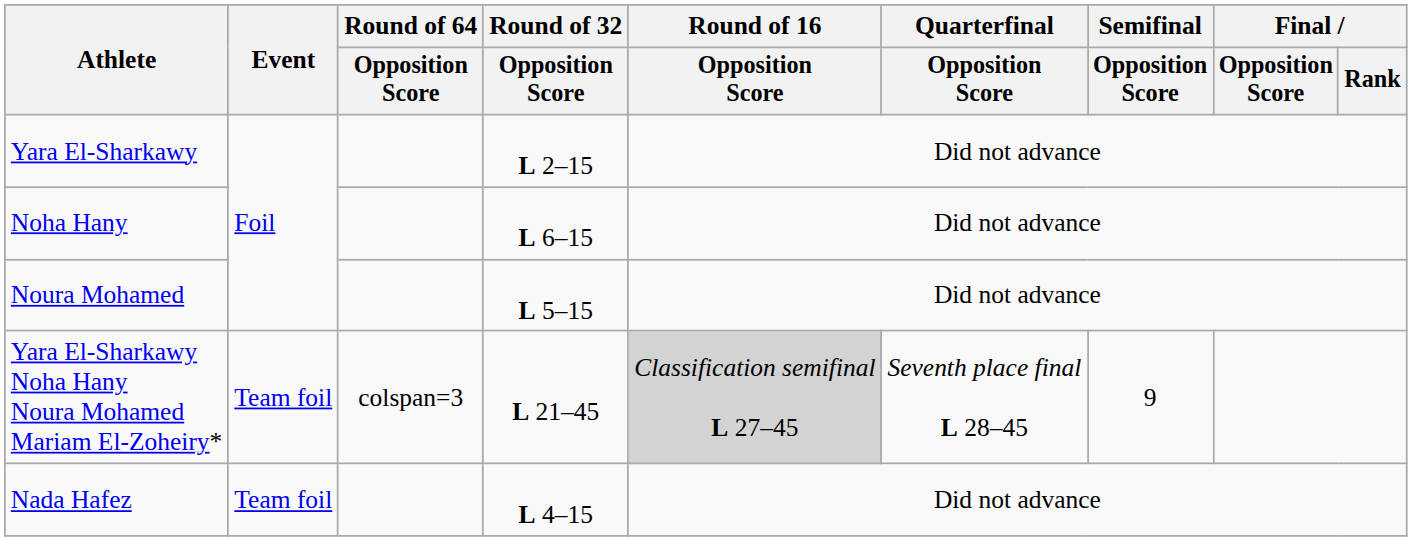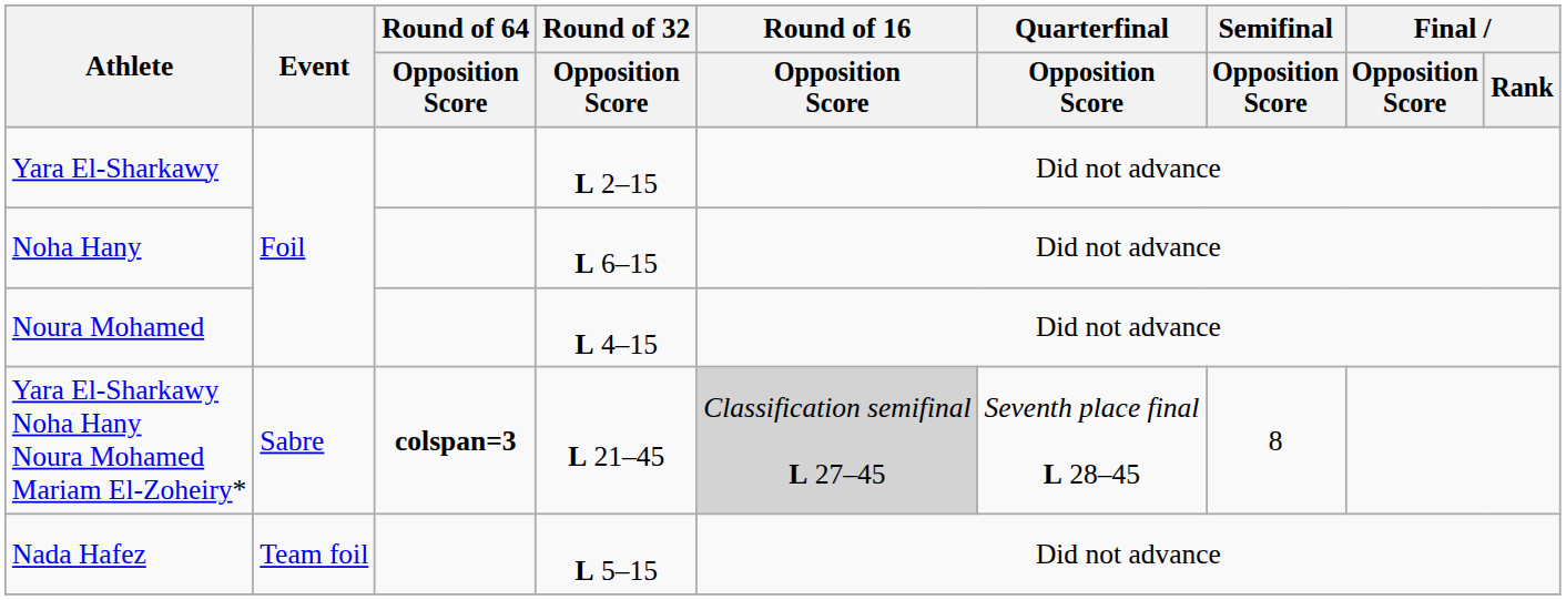 <table class="wikitable" style="font-size:90%">
 <tr>
 <th rowspan="2">Athlete</th>
 <th rowspan="2">Event</th>
 <th>Round of 64</th>
 <th>Round of 32</th>
 <th>Round of 16</th>
 <th>Quarterfinal</th>
 <th>Semifinal</th>
 <th colspan=2>Final / </th>
 </tr>
 <tr style="font-size:95%">
 <th>Opposition <br> Score</th>
 <th>Opposition <br> Score</th>
 <th>Opposition <br> Score</th>
 <th>Opposition <br> Score</th>
 <th>Opposition <br> Score</th>
 <th>Opposition <br> Score</th>
 <th>Rank</th>
 </tr>
 <tr align=center>
 <td align=left><a href='#'>Yara El-Sharkawy</a></td>
 <td align=left rowspan=3><a href='#'>Foil</a></td>
 <td></td>
 <td><br><strong>L</strong> 2–15</td>
 <td colspan=5>Did not advance</td>
 </tr>
 <tr align=center>
 <td align=left><a href='#'>Noha Hany</a></td>
 <td></td>
 <td><br><strong>L</strong> 6–15</td>
 <td colspan=5>Did not advance</td>
 </tr>
 <tr align=center>
 <td align=left><a href='#'>Noura Mohamed</a></td>
 <td></td>
-<td><br><strong>L</strong> 5–15</td>
+<td><br><strong>L</strong> 4–15</td>
 <td colspan=5>Did not advance</td>
 </tr>
 <tr align=center>
 <td align=left><a href='#'>Yara El-Sharkawy</a><br><a href='#'>Noha Hany</a><br><a href='#'>Noura Mohamed</a><br><a href='#'>Mariam El-Zoheiry</a>*</td>
-<td align=left><a href='#'>Team foil</a></td>
-<td>colspan=3 </td>
+<td align=left><a href='#'>Sabre</a></td>
+<td><strong>colspan=3 </strong></td>
 <td><br><strong>L</strong> 21–45</td>
 <td style="background: lightgrey;"><em>Classification semifinal</em><br><br><strong>L</strong> 27–45</td>
 <td><em>Seventh place final</em><br><br><strong>L</strong> 28–45</td>
-<td>9</td>
+<td>8</td>
 </tr>
 <tr align=center>
 <td align=left><a href='#'>Nada Hafez</a></td>
 <td align=left><a href='#'>Team foil</a></td>
 <td></td>
-<td><br><strong>L</strong> 4–15</td>
+<td><br><strong>L</strong> 5–15</td>
 <td colspan=5>Did not advance</td>
 </tr>
 </table>
